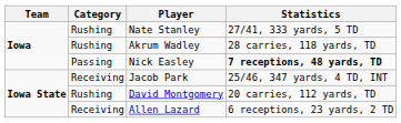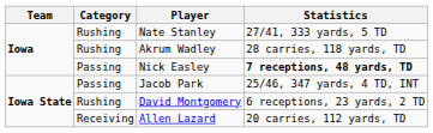 <table class="wikitable" style="float: left;">
 <tr>
 <th>Team</th>
 <th>Category</th>
 <th>Player</th>
 <th>Statistics</th>
 </tr>
 <tr>
 <td rowspan=3><strong>Iowa</strong></td>
 <td>Rushing</td>
 <td>Nate Stanley</td>
 <td>27/41, 333 yards, 5 TD</td>
 </tr>
 <tr>
 <td>Rushing</td>
 <td>Akrum Wadley</td>
 <td>28 carries, 118 yards, TD</td>
 </tr>
 <tr>
 <td>Passing</td>
 <td>Nick Easley</td>
 <td><strong>7 receptions, 48 yards, TD</strong></td>
 </tr>
 <tr>
 <td rowspan=3><strong>Iowa State</strong></td>
-<td>Receiving</td>
+<td>Passing</td>
 <td>Jacob Park</td>
 <td>25/46, 347 yards, 4 TD, INT</td>
 </tr>
 <tr>
 <td>Rushing</td>
 <td><a href='#'>David Montgomery</a></td>
-<td>20 carries, 112 yards, TD</td>
+<td>6 receptions, 23 yards, 2 TD</td>
 </tr>
 <tr>
 <td>Receiving</td>
 <td><a href='#'>Allen Lazard</a></td>
-<td>6 receptions, 23 yards, 2 TD</td>
+<td>20 carries, 112 yards, TD</td>
 </tr>
 </table>
